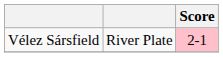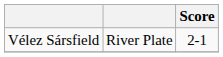 <table class="wikitable" style="text-align: center;">
 <tr>
 <th></th>
 <th></th>
 <th>Score</th>
 </tr>
 <tr>
 <td>Vélez Sársfield</td>
 <td>River Plate</td>
-<td style="background: pink;">2-1</td>
+<td>2-1</td>
 </tr>
 <tr>
 </tr>
 </table>
